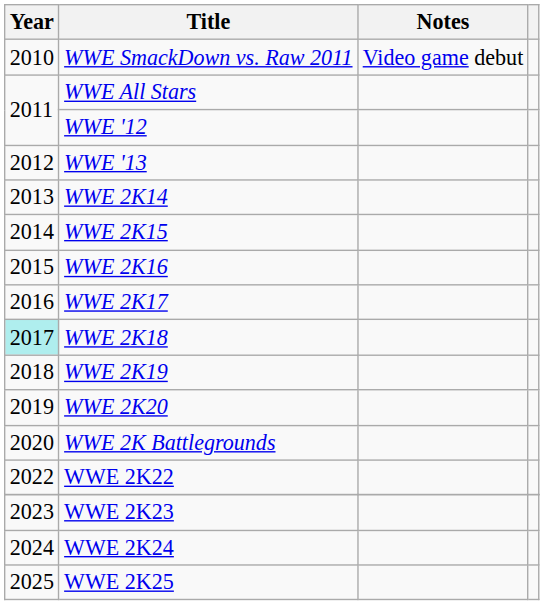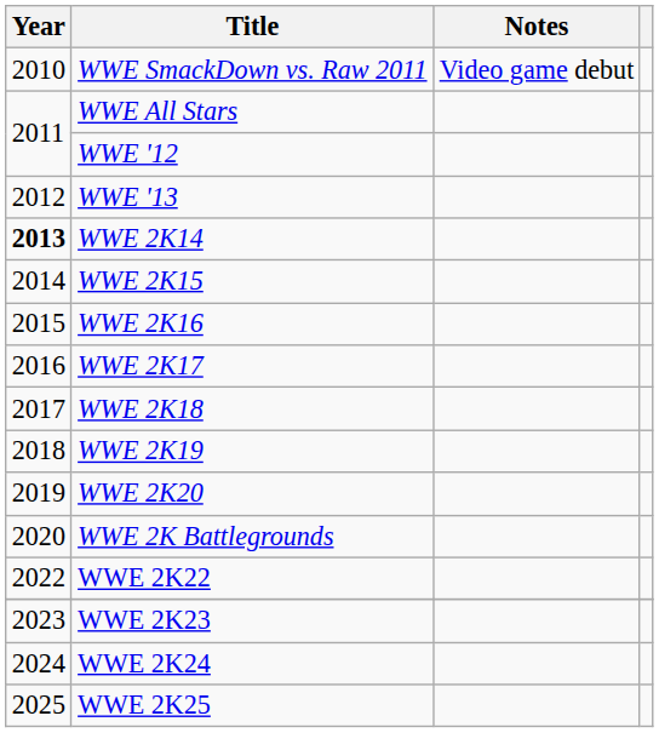 <table class="wikitable sortable plainrowheaders">
 <tr>
 <th scope="col">Year</th>
 <th scope="col">Title</th>
 <th scope="col" class="unsortable">Notes</th>
 <th scope="col" class="unsortable"></th>
 </tr>
 <tr>
 <td>2010</td>
 <td><em><a href='#'>WWE SmackDown vs. Raw 2011</a></em></td>
 <td><a href='#'>Video game</a> debut</td>
 <td></td>
 </tr>
 <tr>
 <td rowspan="2">2011</td>
 <td><em><a href='#'>WWE All Stars</a></em></td>
 <td></td>
 <td></td>
 </tr>
 <tr>
 <td><em><a href='#'>WWE '12</a></em></td>
 <td></td>
 <td></td>
 </tr>
 <tr>
 <td>2012</td>
 <td><em><a href='#'>WWE '13</a></em></td>
 <td></td>
 <td></td>
 </tr>
 <tr>
-<td>2013</td>
+<td><strong>2013</strong></td>
 <td><em><a href='#'>WWE 2K14</a></em></td>
 <td></td>
 <td></td>
 </tr>
 <tr>
 <td>2014</td>
 <td><em><a href='#'>WWE 2K15</a></em></td>
 <td></td>
 <td></td>
 </tr>
 <tr>
 <td>2015</td>
 <td><em><a href='#'>WWE 2K16</a></em></td>
 <td></td>
 <td></td>
 </tr>
 <tr>
 <td>2016</td>
 <td><em><a href='#'>WWE 2K17</a></em></td>
 <td></td>
 <td></td>
 </tr>
 <tr>
-<td style="background: paleturquoise;">2017</td>
+<td>2017</td>
 <td><em><a href='#'>WWE 2K18</a></em></td>
 <td></td>
 <td></td>
 </tr>
 <tr>
 <td>2018</td>
 <td><em><a href='#'>WWE 2K19</a></em></td>
 <td></td>
 <td></td>
 </tr>
 <tr>
 <td>2019</td>
 <td><em><a href='#'>WWE 2K20</a></em></td>
 <td></td>
 <td></td>
 </tr>
 <tr>
 <td>2020</td>
 <td><em><a href='#'>WWE 2K Battlegrounds</a></em></td>
 <td></td>
 <td><em></td>
 </tr>
 <tr>
 <td>2022</td>
 <td></em><a href='#'>WWE 2K22</a><em></td>
 <td></td>
 <td></td>
 </tr>
 <tr>
 </tr>
 <tr>
 <td>2023</td>
 <td></em><a href='#'>WWE 2K23</a><em></td>
 <td></td>
 <td></td>
 </tr>
 <tr>
 <td>2024</td>
 <td></em><a href='#'>WWE 2K24</a><em></td>
 <td></td>
 <td></td>
 </tr>
 <tr>
 <td>2025</td>
 <td><a href='#'></em>WWE 2K25<em></a></td>
 <td></td>
 <td></td>
 </tr>
 </table>
